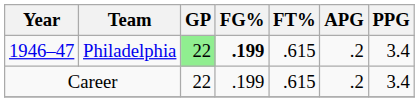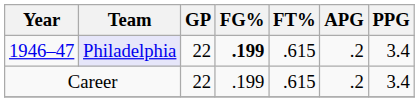 <table class="wikitable sortable" style="font-size:95%; text-align:right;">
 <tr>
 <th>Year</th>
 <th>Team</th>
 <th>GP</th>
 <th>FG%</th>
 <th>FT%</th>
 <th>APG</th>
 <th>PPG</th>
 </tr>
 <tr>
 <td style="text-align:left;"><a href='#'>1946–47</a></td>
-<td style="text-align:left;"><a href='#'>Philadelphia</a></td>
-<td style="background: lightgreen;">22</td>
+<td style="background: lavender; text-align:left;"><a href='#'>Philadelphia</a></td>
+<td>22</td>
 <td><strong>.199</strong></td>
 <td>.615</td>
 <td>.2</td>
 <td>3.4</td>
 </tr>
 <tr>
 <td style="text-align:center;" colspan="2">Career</td>
 <td>22</td>
 <td>.199</td>
 <td>.615</td>
 <td>.2</td>
 <td>3.4</td>
 </tr>
 <tr>
 </tr>
 </table>
